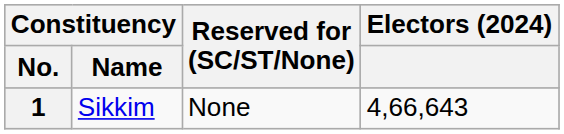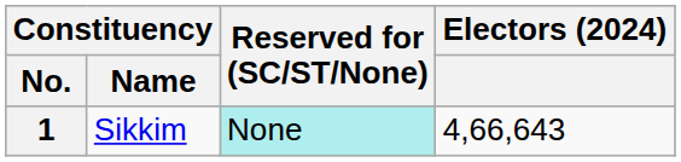 <table class="wikitable sortable">
 <tr>
 <th scope=colgroup colspan="2">Constituency</th>
 <th scope=col rowspan=2>Reserved for<br>(SC/ST/None)</th>
 <th>Electors (2024)</th>
 </tr>
 <tr>
 <th scope=col>No.</th>
 <th scope=col>Name</th>
 <th></th>
 </tr>
 <tr>
 <th scope=row>1</th>
 <td><a href='#'>Sikkim</a></td>
-<td>None</td>
+<td style="background: paleturquoise;">None</td>
 <td>4,66,643</td>
 </tr>
 </table>
